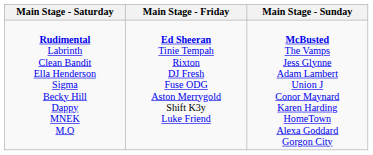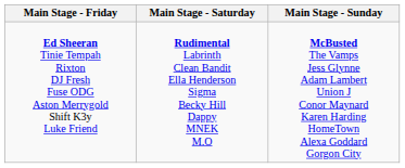 <table class="wikitable">
 <tr>
+<th>Main Stage - Friday</th>
 <th>Main Stage - Saturday</th>
-<th>Main Stage - Friday</th>
 <th>Main Stage - Sunday</th>
 </tr>
 <tr>
+<td valign="top" align="center" width=185><br><strong><a href='#'>Ed Sheeran</a></strong> <br><a href='#'>Tinie Tempah</a> <br><a href='#'>Rixton</a> <br><a href='#'>DJ Fresh</a> <br><a href='#'>Fuse ODG</a> <br><a href='#'>Aston Merrygold</a> <br>Shift K3y <br><a href='#'>Luke Friend</a></td>
 <td valign="top" align="center" width=185><br><strong><a href='#'>Rudimental</a></strong> <br><a href='#'>Labrinth</a> <br><a href='#'>Clean Bandit</a> <br><a href='#'>Ella Henderson</a> <br><a href='#'>Sigma</a> <br><a href='#'>Becky Hill</a> <br><a href='#'>Dappy</a> <br><a href='#'>MNEK</a> <br><a href='#'>M.O</a></td>
-<td valign="top" align="center" width=185><br><strong><a href='#'>Ed Sheeran</a></strong> <br><a href='#'>Tinie Tempah</a> <br><a href='#'>Rixton</a> <br><a href='#'>DJ Fresh</a> <br><a href='#'>Fuse ODG</a> <br><a href='#'>Aston Merrygold</a> <br>Shift K3y <br><a href='#'>Luke Friend</a></td>
 <td valign="top" align="center" width=185><br><strong><a href='#'>McBusted</a></strong> <br><a href='#'>The Vamps</a> <br><a href='#'>Jess Glynne</a> <br><a href='#'>Adam Lambert</a> <br><a href='#'>Union J</a> <br><a href='#'>Conor Maynard</a> <br><a href='#'>Karen Harding</a> <br><a href='#'>HomeTown</a> <br><a href='#'>Alexa Goddard</a> <br><a href='#'>Gorgon City</a></td>
 </tr>
 </table>
